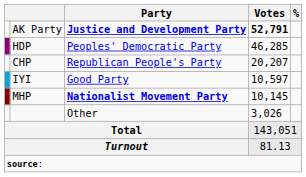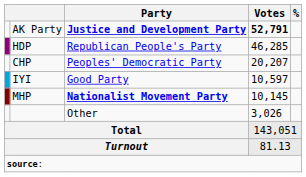 <table class="wikitable">
 <tr>
 <th colspan="2" align="center"></th>
 <th align="center">Party</th>
 <th align="center">Votes</th>
 <th align="center">%</th>
 </tr>
 <tr align="left">
 <td></td>
 <td>AK Party</td>
 <td><strong><a href='#'>Justice and Development Party</a></strong></td>
 <td><strong>52,791</strong></td>
 <td><strong></strong></td>
 </tr>
 <tr align="left">
 <td bgcolor="#91007B" width="1"></td>
 <td>HDP</td>
-<td><a href='#'>Peoples' Democratic Party</a></td>
+<td><a href='#'>Republican People's Party</a></td>
 <td>46,285</td>
 <td></td>
 </tr>
 <tr align="left">
 <td></td>
 <td>CHP</td>
-<td><a href='#'>Republican People's Party</a></td>
+<td><a href='#'>Peoples' Democratic Party</a></td>
 <td>20,207</td>
 <td></td>
 </tr>
 <tr align="left">
 <td bgcolor="#01A7E1" width="1"></td>
 <td>IYI</td>
 <td><a href='#'>Good Party</a></td>
 <td>10,597</td>
 <td></td>
 </tr>
 <tr align="left">
 <td bgcolor="#870000" width="1"></td>
 <td>MHP</td>
 <td><strong><a href='#'>Nationalist Movement Party</a></strong></td>
 <td>10,145</td>
 <td></td>
 </tr>
 <tr align="left">
 <td bgcolor="" width="1"></td>
 <td></td>
 <td>Other</td>
 <td>3,026</td>
 <td></td>
 </tr>
 <tr align="left" style="background-color:#E9E9E9">
 <th colspan="3" align="center"><strong>Total</strong></th>
 <td colspan="5" align="center">143,051</td>
 </tr>
 <tr align="left" style="background-color:#E9E9E9">
 <th colspan="3" align="center"><em>Turnout</em></th>
 <td colspan="5" align="center">81.13</td>
 </tr>
 <tr>
 <td colspan="9" align="left"><small><strong>source</strong>: </small></td>
 </tr>
 </table>
